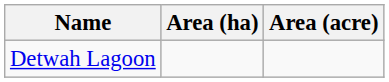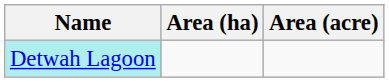 <table class="wikitable sortable">
 <tr>
 <th scope="col" align=left>Name</th>
 <th scope="col">Area (ha)</th>
 <th scope="col">Area (acre)</th>
 </tr>
 <tr ---->
-<td><a href='#'>Detwah Lagoon</a></td>
+<td style="background: paleturquoise;"><a href='#'>Detwah Lagoon</a></td>
 <td></td>
 </tr>
 </table>
